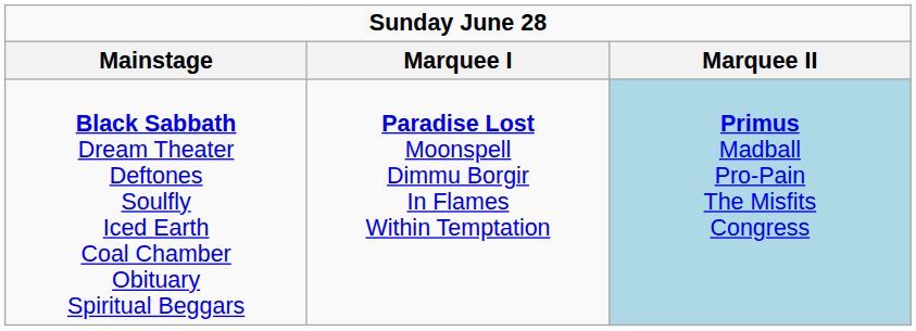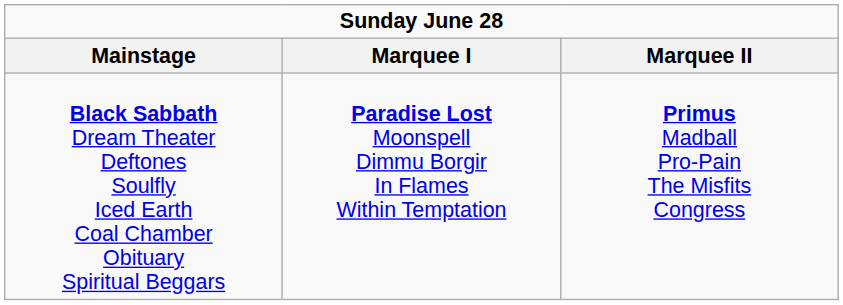 <table class="wikitable">
 <tr>
 <td colspan="3" style="text-align:center;"><strong>Sunday June 28</strong></td>
 </tr>
 <tr>
 <th>Mainstage</th>
 <th>Marquee I</th>
 <th>Marquee II</th>
 </tr>
 <tr>
 <td style="text-align:center; vertical-align:top; width:200px;"><br><strong><a href='#'>Black Sabbath</a></strong> <br><a href='#'>Dream Theater</a> <br><a href='#'>Deftones</a> <br><a href='#'>Soulfly</a> <br><a href='#'>Iced Earth</a> <br><a href='#'>Coal Chamber</a> <br><a href='#'>Obituary</a> <br><a href='#'>Spiritual Beggars</a></td>
 <td style="text-align:center; vertical-align:top; width:200px;"><br><strong><a href='#'>Paradise Lost</a></strong> <br><a href='#'>Moonspell</a> <br><a href='#'>Dimmu Borgir</a> <br><a href='#'>In Flames</a> <br><a href='#'>Within Temptation</a></td>
-<td style="background: lightblue; text-align:center; vertical-align:top; width:200px;"><br><strong><a href='#'>Primus</a></strong> <br><a href='#'>Madball</a> <br><a href='#'>Pro-Pain</a> <br><a href='#'>The Misfits</a> <br><a href='#'>Congress</a></td>
+<td style="text-align:center; vertical-align:top; width:200px;"><br><strong><a href='#'>Primus</a></strong> <br><a href='#'>Madball</a> <br><a href='#'>Pro-Pain</a> <br><a href='#'>The Misfits</a> <br><a href='#'>Congress</a></td>
 </tr>
 </table>
